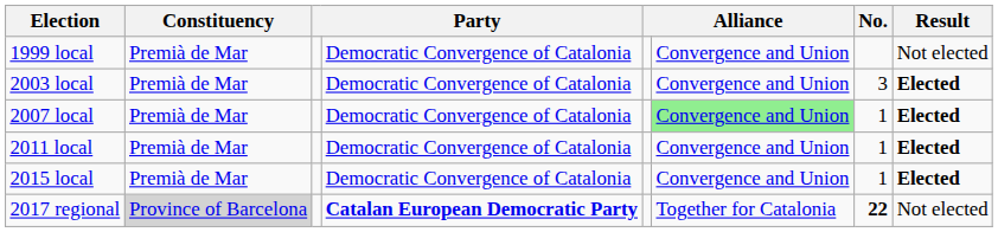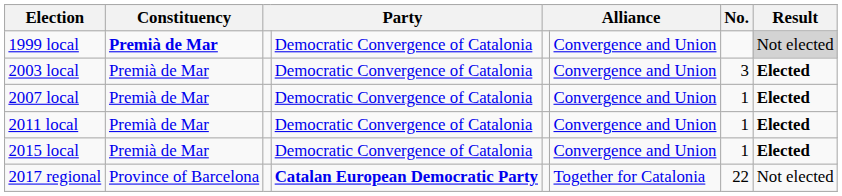 <table class="wikitable" style="text-align:left;">
 <tr>
 <th scope=col>Election</th>
 <th scope=col>Constituency</th>
 <th scope=col colspan="2">Party</th>
 <th scope=col colspan="2">Alliance</th>
 <th scope=col>No.</th>
 <th scope=col>Result</th>
 </tr>
 <tr>
 <td><a href='#'>1999 local</a></td>
-<td><a href='#'>Premià de Mar</a></td>
+<td><strong><a href='#'>Premià de Mar</a></strong></td>
 <td style="background:"></td>
 <td><a href='#'>Democratic Convergence of Catalonia</a></td>
 <td style="background:"></td>
 <td><a href='#'>Convergence and Union</a></td>
 <td align=right></td>
-<td>Not elected</td>
+<td style="background: lightgrey;">Not elected</td>
 </tr>
 <tr>
 <td><a href='#'>2003 local</a></td>
 <td><a href='#'>Premià de Mar</a></td>
 <td style="background:"></td>
 <td><a href='#'>Democratic Convergence of Catalonia</a></td>
 <td style="background:"></td>
 <td><a href='#'>Convergence and Union</a></td>
 <td align=right>3</td>
 <td><strong>Elected</strong></td>
 </tr>
 <tr>
 <td><a href='#'>2007 local</a></td>
 <td><a href='#'>Premià de Mar</a></td>
 <td style="background:"></td>
 <td><a href='#'>Democratic Convergence of Catalonia</a></td>
 <td style="background:"></td>
-<td style="background: lightgreen;"><a href='#'>Convergence and Union</a></td>
+<td><a href='#'>Convergence and Union</a></td>
 <td align=right>1</td>
 <td><strong>Elected</strong></td>
 </tr>
 <tr>
 <td><a href='#'>2011 local</a></td>
 <td><a href='#'>Premià de Mar</a></td>
 <td style="background:"></td>
 <td><a href='#'>Democratic Convergence of Catalonia</a></td>
 <td style="background:"></td>
 <td><a href='#'>Convergence and Union</a></td>
 <td align=right>1</td>
 <td><strong>Elected</strong></td>
 </tr>
 <tr>
 <td><a href='#'>2015 local</a></td>
 <td><a href='#'>Premià de Mar</a></td>
 <td style="background:"></td>
 <td><a href='#'>Democratic Convergence of Catalonia</a></td>
 <td style="background:"></td>
 <td><a href='#'>Convergence and Union</a></td>
 <td align=right>1</td>
 <td><strong>Elected</strong></td>
 </tr>
 <tr>
 <td><a href='#'>2017 regional</a></td>
-<td style="background: lightgrey;"><a href='#'>Province of Barcelona</a></td>
+<td><a href='#'>Province of Barcelona</a></td>
 <td style="background:"></td>
 <td><strong><a href='#'>Catalan European Democratic Party</a></strong></td>
 <td style="background:"></td>
 <td><a href='#'>Together for Catalonia</a></td>
-<td align=right><strong>22</strong></td>
+<td align=right>22</td>
 <td>Not elected</td>
 </tr>
 </table>
